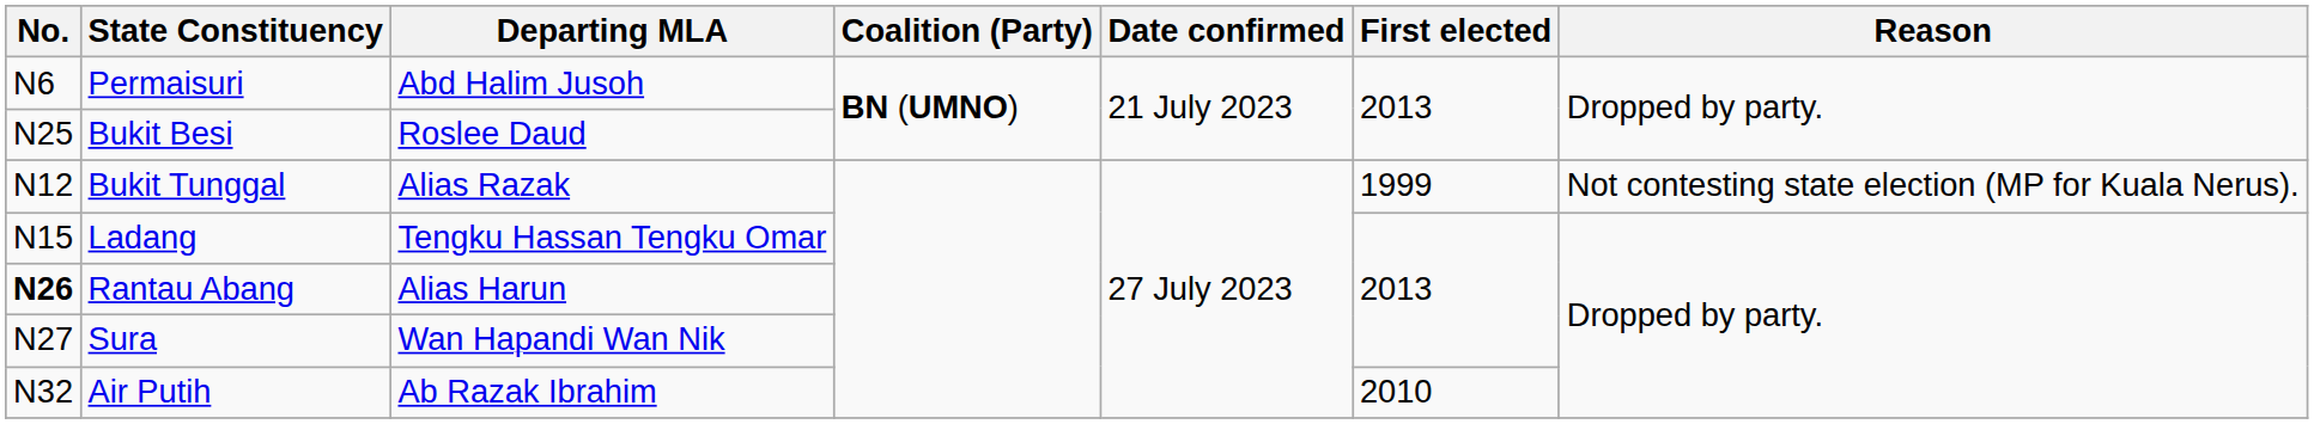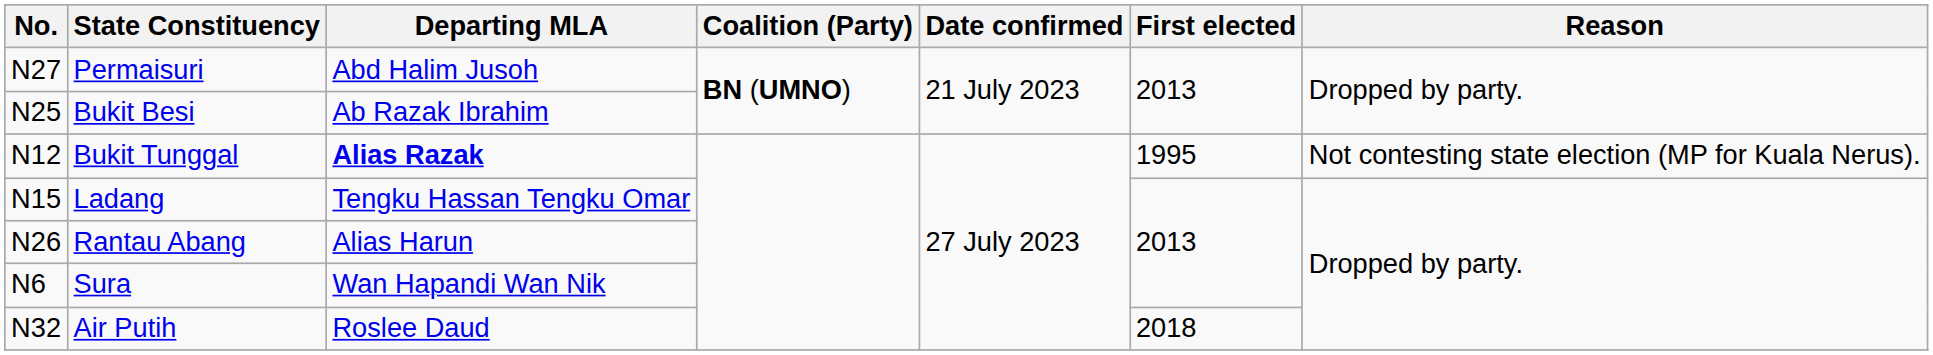 <table class="wikitable">
 <tr>
 <th>No.</th>
 <th>State Constituency</th>
 <th>Departing MLA</th>
 <th>Coalition (Party)</th>
 <th>Date confirmed</th>
 <th>First elected</th>
 <th>Reason</th>
 </tr>
 <tr>
-<td>N6</td>
+<td>N27</td>
 <td><a href='#'>Permaisuri</a></td>
 <td><a href='#'>Abd Halim Jusoh</a></td>
 <td rowspan=2><strong>BN</strong> (<strong>UMNO</strong>)</td>
 <td rowspan=2>21 July 2023</td>
 <td rowspan=2>2013</td>
 <td rowspan=2>Dropped by party.</td>
 </tr>
 <tr>
 <td>N25</td>
 <td><a href='#'>Bukit Besi</a></td>
-<td><a href='#'>Roslee Daud</a></td>
+<td><a href='#'>Ab Razak Ibrahim</a></td>
 </tr>
 <tr>
 <td>N12</td>
 <td><a href='#'>Bukit Tunggal</a></td>
-<td><a href='#'>Alias Razak</a></td>
+<td><strong><a href='#'>Alias Razak</a></strong></td>
 <td rowspan=5></td>
 <td rowspan="5">27 July 2023</td>
-<td>1999</td>
+<td>1995</td>
 <td>Not contesting state election (MP for Kuala Nerus).</td>
 </tr>
 <tr>
 <td>N15</td>
 <td><a href='#'>Ladang</a></td>
 <td><a href='#'>Tengku Hassan Tengku Omar</a></td>
 <td rowspan=3>2013</td>
 <td rowspan="4">Dropped by party.</td>
 </tr>
 <tr>
-<td><strong>N26</strong></td>
+<td>N26</td>
 <td><a href='#'>Rantau Abang</a></td>
 <td><a href='#'>Alias Harun</a></td>
 </tr>
 <tr>
-<td>N27</td>
+<td>N6</td>
 <td><a href='#'>Sura</a></td>
 <td><a href='#'>Wan Hapandi Wan Nik</a></td>
 </tr>
 <tr>
 <td>N32</td>
 <td><a href='#'>Air Putih</a></td>
-<td><a href='#'>Ab Razak Ibrahim</a></td>
-<td>2010</td>
+<td><a href='#'>Roslee Daud</a></td>
+<td>2018</td>
 </tr>
 </table>
